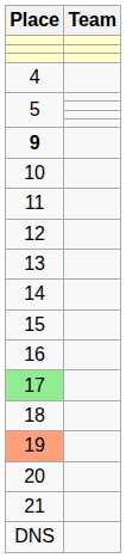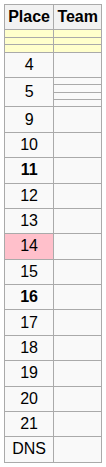 <table class="wikitable">
 <tr>
 <th>Place</th>
 <th>Team</th>
 </tr>
 <tr bgcolor=#ffffcc>
 <td align=center></td>
 <td></td>
 </tr>
 <tr bgcolor=#ffffcc>
 <td align=center></td>
 <td></td>
 </tr>
 <tr bgcolor=#ffffcc>
 <td align=center></td>
 <td></td>
 </tr>
 <tr>
 <td align=center>4</td>
 <td></td>
 </tr>
 <tr>
 <td align=center rowspan="4">5</td>
 <td></td>
 </tr>
 <tr>
 <td></td>
 </tr>
 <tr>
 <td></td>
 </tr>
 <tr>
 <td></td>
 </tr>
 <tr>
-<td align=center><strong>9</strong></td>
+<td align=center>9</td>
 <td></td>
 </tr>
 <tr>
 <td align=center>10</td>
 <td></td>
 </tr>
 <tr>
-<td align=center>11</td>
+<td align=center><strong>11</strong></td>
 <td></td>
 </tr>
 <tr>
 <td align=center>12</td>
 <td></td>
 </tr>
 <tr>
 <td align=center>13</td>
 <td></td>
 </tr>
 <tr>
-<td align=center>14</td>
+<td align=center style="background: pink;">14</td>
 <td></td>
 </tr>
 <tr>
 <td align=center>15</td>
 <td></td>
 </tr>
 <tr>
-<td align=center>16</td>
+<td align=center><strong>16</strong></td>
 <td></td>
 </tr>
 <tr>
-<td align=center style="background: lightgreen;">17</td>
+<td align=center>17</td>
 <td></td>
 </tr>
 <tr>
 <td align=center>18</td>
 <td></td>
 </tr>
 <tr>
-<td align=center style="background: lightsalmon;">19</td>
+<td align=center>19</td>
 <td></td>
 </tr>
 <tr>
 <td align=center>20</td>
 <td></td>
 </tr>
 <tr>
 <td align=center>21</td>
 <td></td>
 </tr>
 <tr>
 <td align=center>DNS</td>
 <td></td>
 </tr>
 </table>
